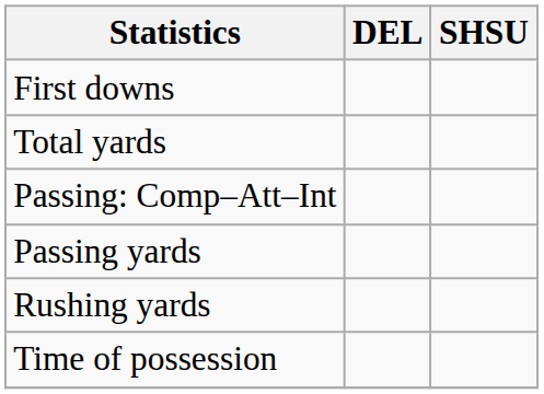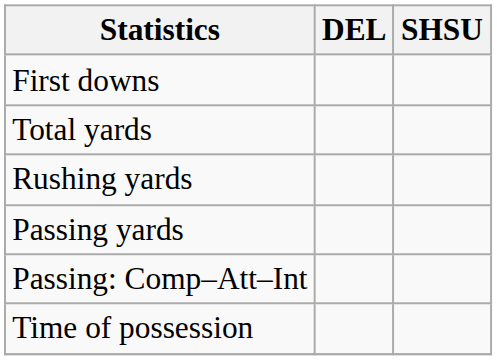 <table class="wikitable" style="float: left;">
 <tr>
 <th>Statistics</th>
 <th>DEL</th>
 <th>SHSU</th>
 </tr>
 <tr>
 <td>First downs</td>
 <td></td>
 <td></td>
 </tr>
 <tr>
 <td>Total yards</td>
 <td></td>
 <td></td>
 </tr>
 <tr>
-<td>Passing: Comp–Att–Int</td>
+<td>Rushing yards</td>
 <td></td>
 <td></td>
 </tr>
 <tr>
 <td>Passing yards</td>
 <td></td>
 <td></td>
 </tr>
 <tr>
-<td>Rushing yards</td>
+<td>Passing: Comp–Att–Int</td>
 <td></td>
 <td></td>
 </tr>
 <tr>
 <td>Time of possession</td>
 <td></td>
 <td></td>
 </tr>
 <tr>
 </tr>
 </table>
